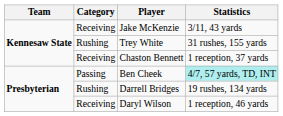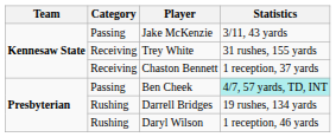 <table class="wikitable" style="float: left;">
 <tr>
 <th>Team</th>
 <th>Category</th>
 <th>Player</th>
 <th>Statistics</th>
 </tr>
 <tr>
 <td rowspan=3><strong>Kennesaw State</strong></td>
-<td>Receiving</td>
+<td>Passing</td>
 <td>Jake McKenzie</td>
 <td>3/11, 43 yards</td>
 </tr>
 <tr>
-<td>Rushing</td>
+<td>Receiving</td>
 <td>Trey White</td>
 <td>31 rushes, 155 yards</td>
 </tr>
 <tr>
 <td>Receiving</td>
 <td>Chaston Bennett</td>
 <td>1 reception, 37 yards</td>
 </tr>
 <tr>
 <td rowspan=3><strong>Presbyterian</strong></td>
 <td>Passing</td>
 <td>Ben Cheek</td>
 <td style="background: paleturquoise;">4/7, 57 yards, TD, INT</td>
 </tr>
 <tr>
 <td>Rushing</td>
 <td>Darrell Bridges</td>
 <td>19 rushes, 134 yards</td>
 </tr>
 <tr>
-<td>Receiving</td>
+<td>Rushing</td>
 <td>Daryl Wilson</td>
 <td>1 reception, 46 yards</td>
 </tr>
 </table>
